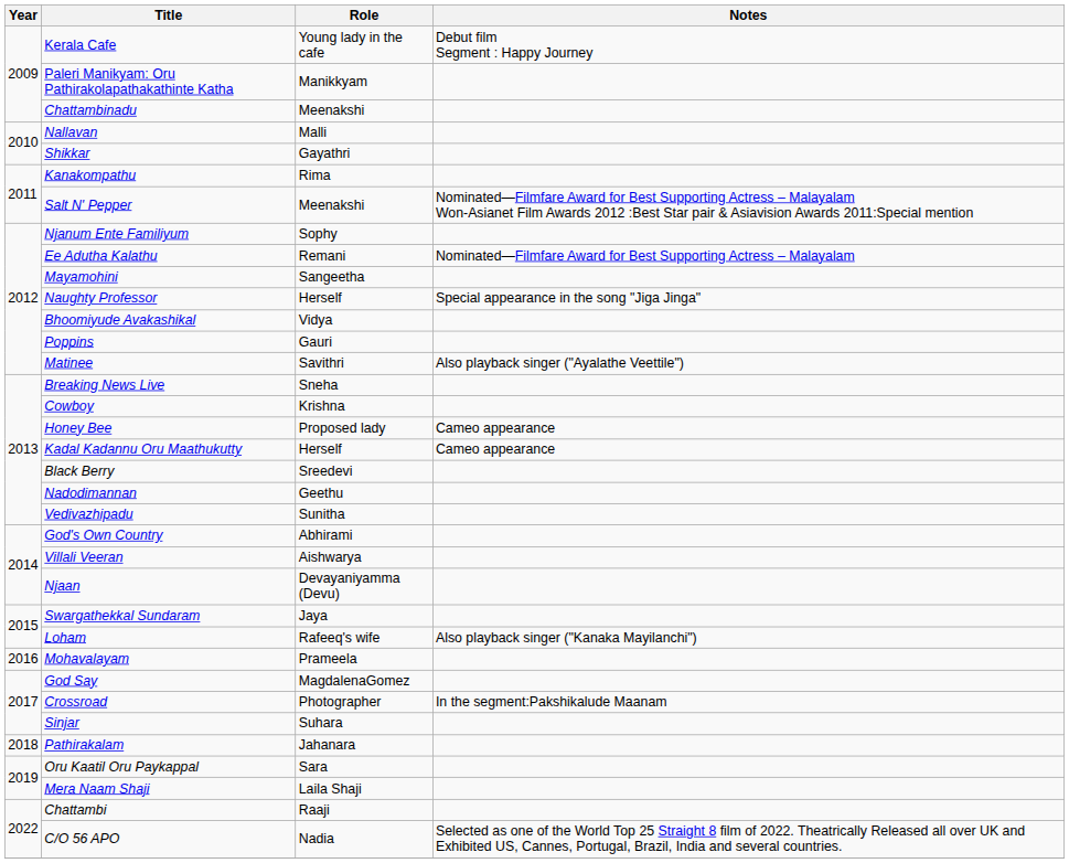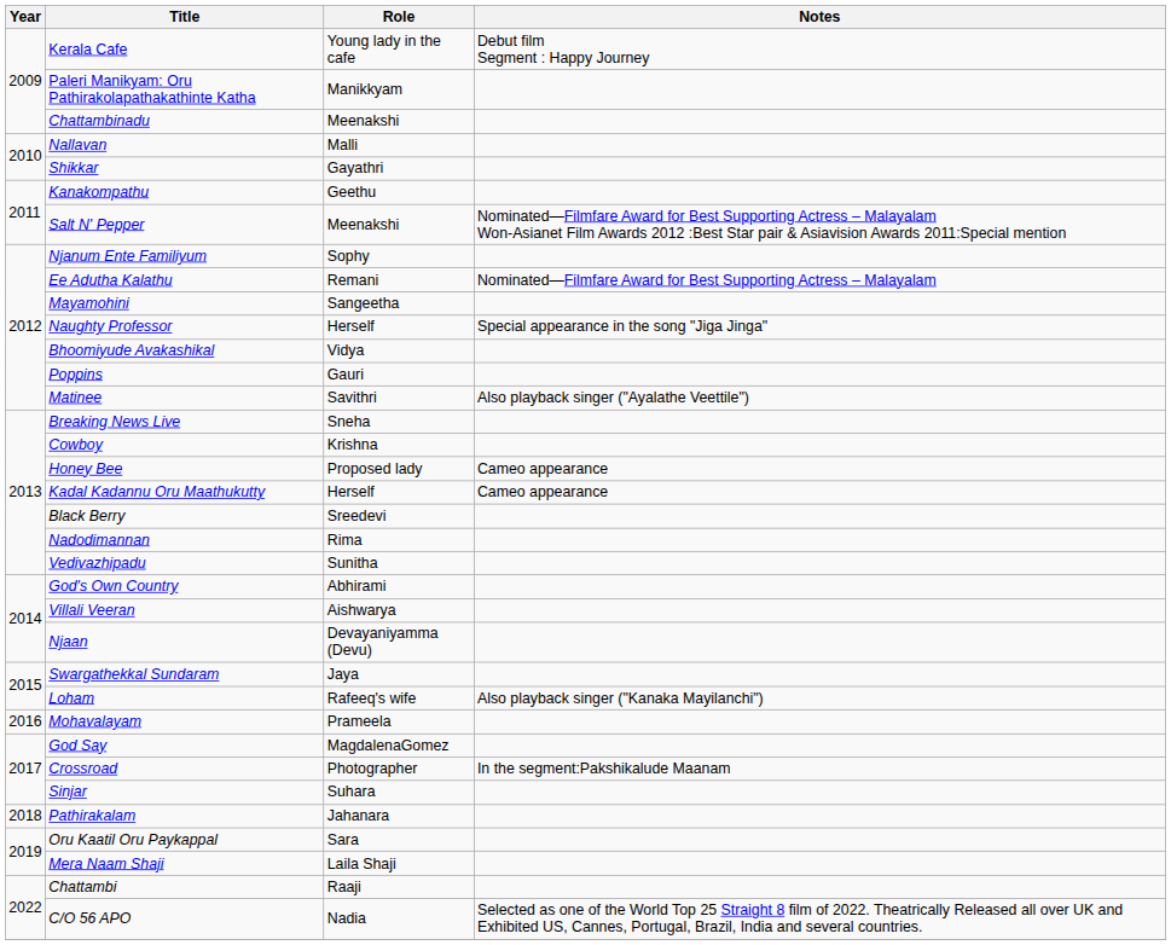 <table class="wikitable sortable">
 <tr>
 <th>Year</th>
 <th>Title</th>
 <th>Role</th>
 <th class="unsortale">Notes</th>
 </tr>
 <tr>
 <td rowspan=3>2009</td>
 <td><a href='#'>Kerala Cafe</a></td>
 <td>Young lady in the cafe</td>
 <td>Debut film<br>Segment : Happy Journey</td>
 </tr>
 <tr>
 <td><a href='#'>Paleri Manikyam: Oru Pathirakolapathakathinte Katha</a></td>
 <td>Manikkyam</td>
 <td></td>
 </tr>
 <tr>
 <td><em><a href='#'>Chattambinadu</a></em></td>
 <td>Meenakshi</td>
 <td></td>
 </tr>
 <tr>
 <td rowspan=2>2010</td>
 <td><em><a href='#'>Nallavan</a></em></td>
 <td>Malli</td>
 <td></td>
 </tr>
 <tr>
 <td><em><a href='#'>Shikkar</a></em></td>
 <td>Gayathri</td>
 <td></td>
 </tr>
 <tr>
 <td rowspan=2>2011</td>
 <td><em><a href='#'>Kanakompathu</a></em></td>
-<td>Rima</td>
+<td>Geethu</td>
 <td></td>
 </tr>
 <tr>
 <td><em><a href='#'>Salt N' Pepper</a></em></td>
 <td>Meenakshi</td>
 <td>Nominated—<a href='#'>Filmfare Award for Best Supporting Actress – Malayalam</a><br>Won-Asianet Film Awards 2012 :Best Star pair & Asiavision Awards 2011:Special mention</td>
 </tr>
 <tr>
 <td rowspan=7>2012</td>
 <td><em><a href='#'>Njanum Ente Familiyum</a></em></td>
 <td>Sophy</td>
 <td></td>
 </tr>
 <tr>
 <td><em><a href='#'>Ee Adutha Kalathu</a></em></td>
 <td>Remani</td>
 <td>Nominated—<a href='#'>Filmfare Award for Best Supporting Actress – Malayalam</a></td>
 </tr>
 <tr>
 <td><em><a href='#'>Mayamohini</a></em></td>
 <td>Sangeetha</td>
 <td></td>
 </tr>
 <tr>
 <td><em><a href='#'>Naughty Professor</a></em></td>
 <td>Herself</td>
 <td>Special appearance in the song "Jiga Jinga"</td>
 </tr>
 <tr>
 <td><em><a href='#'>Bhoomiyude Avakashikal</a></em></td>
 <td>Vidya</td>
 <td></td>
 </tr>
 <tr>
 <td><em><a href='#'>Poppins</a></em></td>
 <td>Gauri</td>
 <td></td>
 </tr>
 <tr>
 <td><em><a href='#'>Matinee</a></em></td>
 <td>Savithri</td>
 <td>Also playback singer ("Ayalathe Veettile")</td>
 </tr>
 <tr>
 <td rowspan=7>2013</td>
 <td><em><a href='#'>Breaking News Live</a></em></td>
 <td>Sneha</td>
 <td></td>
 </tr>
 <tr>
 <td><em><a href='#'>Cowboy</a></em></td>
 <td>Krishna</td>
 <td></td>
 </tr>
 <tr>
 <td><em><a href='#'>Honey Bee</a> </em></td>
 <td>Proposed lady</td>
 <td>Cameo appearance</td>
 </tr>
 <tr>
 <td><em><a href='#'>Kadal Kadannu Oru Maathukutty</a></em></td>
 <td>Herself</td>
 <td>Cameo appearance</td>
 </tr>
 <tr>
 <td><em>Black Berry</em></td>
 <td>Sreedevi</td>
 <td></td>
 </tr>
 <tr>
 <td><em><a href='#'>Nadodimannan</a></em></td>
-<td>Geethu</td>
+<td>Rima</td>
 <td></td>
 </tr>
 <tr>
 <td><em><a href='#'>Vedivazhipadu</a></em></td>
 <td>Sunitha</td>
 <td></td>
 </tr>
 <tr>
 <td rowspan=3>2014</td>
 <td><em><a href='#'>God's Own Country</a></em></td>
 <td>Abhirami</td>
 <td></td>
 </tr>
 <tr>
 <td><em><a href='#'>Villali Veeran</a></em></td>
 <td>Aishwarya</td>
 <td></td>
 </tr>
 <tr>
 <td><em><a href='#'>Njaan</a></em></td>
 <td>Devayaniyamma (Devu)</td>
 <td></td>
 </tr>
 <tr>
 <td rowspan="2">2015</td>
 <td><em><a href='#'>Swargathekkal Sundaram</a></em></td>
 <td>Jaya</td>
 <td></td>
 </tr>
 <tr>
 <td><em><a href='#'>Loham</a></em></td>
 <td>Rafeeq's wife</td>
 <td>Also playback singer ("Kanaka Mayilanchi")</td>
 </tr>
 <tr>
 <td>2016</td>
 <td><em><a href='#'>Mohavalayam</a></em></td>
 <td>Prameela</td>
 <td></td>
 </tr>
 <tr>
 <td rowspan=3>2017</td>
 <td><em><a href='#'>God Say</a></em></td>
 <td>MagdalenaGomez</td>
 <td></td>
 </tr>
 <tr>
 <td><a href='#'><em>Crossroad</em></a></td>
 <td>Photographer</td>
 <td>In the segment:Pakshikalude Maanam</td>
 </tr>
 <tr>
 <td><a href='#'><em>Sinjar</em></a></td>
 <td>Suhara</td>
 <td></td>
 </tr>
 <tr>
 <td>2018</td>
 <td><em><a href='#'>Pathirakalam</a></em></td>
 <td>Jahanara</td>
 <td></td>
 </tr>
 <tr>
 <td rowspan=2>2019</td>
 <td><em>Oru Kaatil Oru Paykappal</em></td>
 <td>Sara</td>
 <td></td>
 </tr>
 <tr>
 <td><em><a href='#'>Mera Naam Shaji</a></em></td>
 <td>Laila Shaji</td>
 <td></td>
 </tr>
 <tr>
 <td rowspan=2>2022</td>
 <td><em>Chattambi</em></td>
 <td>Raaji</td>
 <td></td>
 </tr>
 <tr>
 <td><em>C/O 56 APO</em></td>
 <td>Nadia</td>
 <td>Selected as one of the World Top 25 <a href='#'>Straight 8</a> film of 2022. Theatrically Released all over UK and Exhibited US, Cannes, Portugal, Brazil, India and several countries.</td>
 </tr>
 <tr>
 </tr>
 </table>
